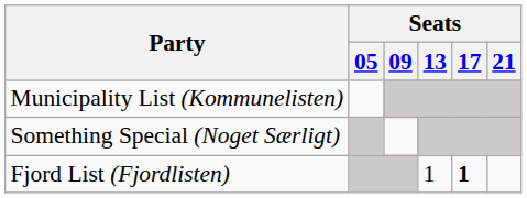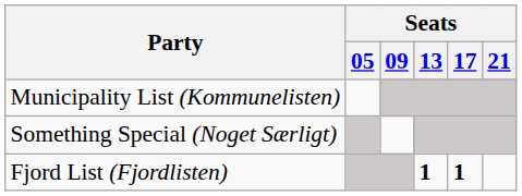 <table class="wikitable">
 <tr>
 <th rowspan=2>Party</th>
 <th colspan=11>Seats</th>
 </tr>
 <tr>
 <th><a href='#'>05</a></th>
 <th><a href='#'>09</a></th>
 <th><a href='#'>13</a></th>
 <th><a href='#'>17</a></th>
 <th><a href='#'>21</a></th>
 </tr>
 <tr>
 <td>Municipality List <em>(Kommunelisten)</em></td>
 <td></td>
 <td style="background:#CDC9C9;" colspan=4></td>
 </tr>
 <tr>
 <td>Something Special <em>(Noget Særligt)</em></td>
 <td style="background:#CDC9C9;"></td>
 <td></td>
 <td style="background:#CDC9C9;" colspan=3></td>
 </tr>
 <tr>
 <td>Fjord List <em>(Fjordlisten)</em></td>
 <td style="background:#CDC9C9;" colspan=2></td>
-<td>1</td>
+<td><strong>1</strong></td>
 <td><strong>1</strong></td>
 <td></td>
 </tr>
 </table>
